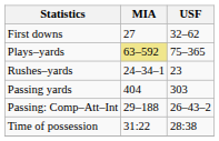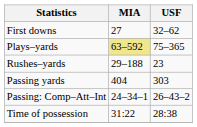 <table class="wikitable" style="float: left;">
 <tr>
 <th>Statistics</th>
 <th>MIA</th>
 <th>USF</th>
 </tr>
 <tr>
 <td>First downs</td>
 <td>27</td>
 <td>32–62</td>
 </tr>
 <tr>
 <td>Plays–yards</td>
 <td style="background: khaki;">63–592</td>
 <td>75–365</td>
 </tr>
 <tr>
 <td>Rushes–yards</td>
-<td>24–34–1</td>
+<td>29–188</td>
 <td>23</td>
 </tr>
 <tr>
 <td>Passing yards</td>
 <td>404</td>
 <td>303</td>
 </tr>
 <tr>
 <td>Passing: Comp–Att–Int</td>
-<td>29–188</td>
+<td>24–34–1</td>
 <td>26–43–2</td>
 </tr>
 <tr>
 <td>Time of possession</td>
 <td>31:22</td>
 <td>28:38</td>
 </tr>
 <tr>
 </tr>
 </table>
